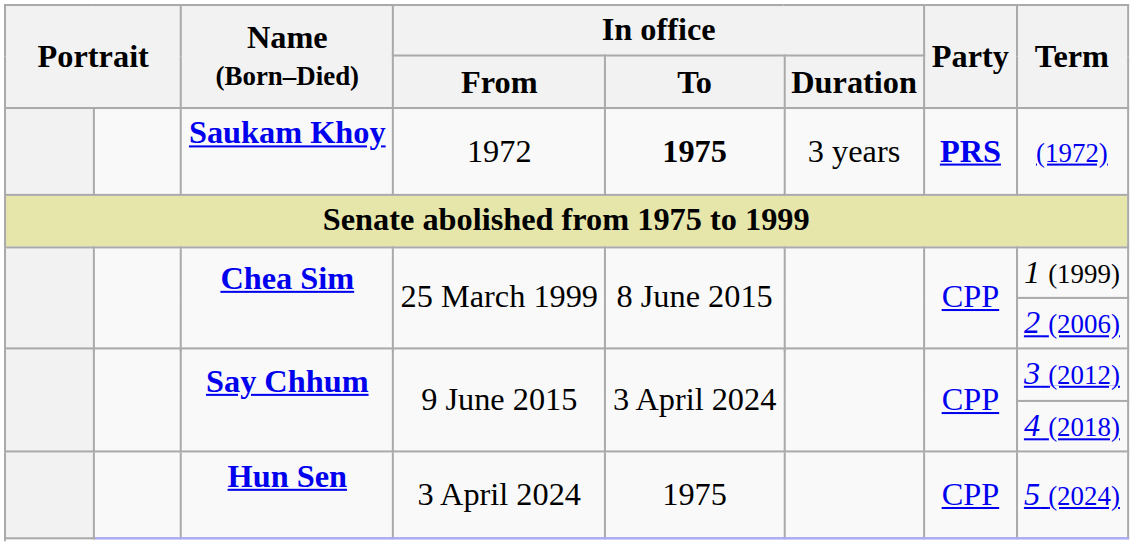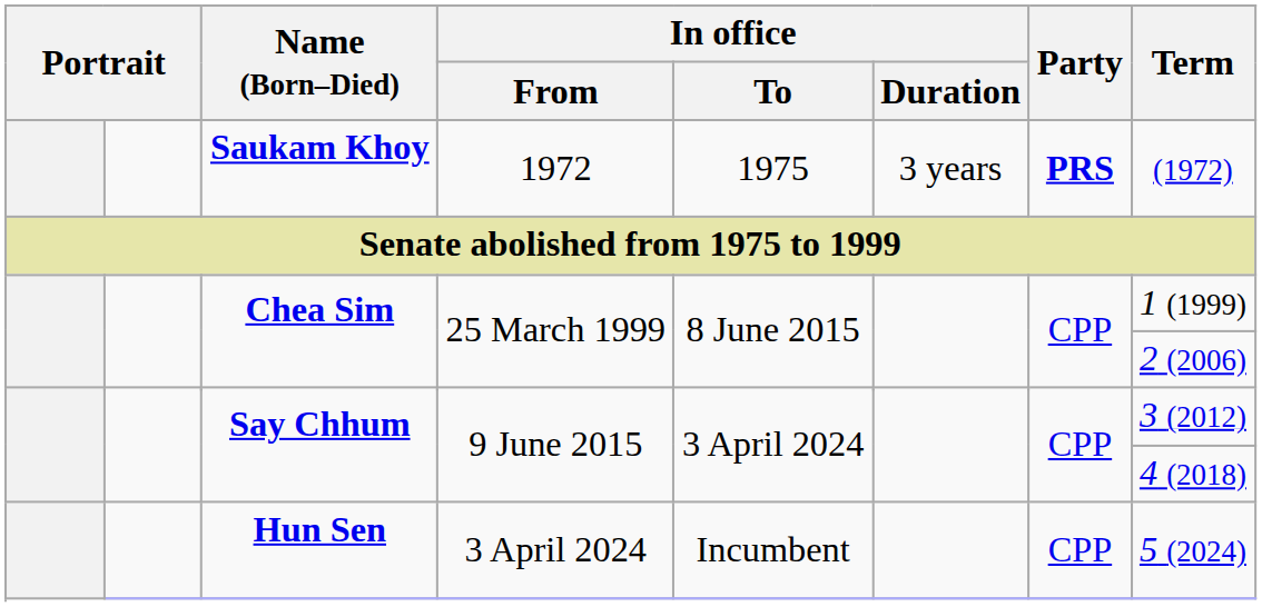 <table class="wikitable" style="text-align:center; border:1px #AAAAFF solid">
 <tr>
 <th width="80px" rowspan="2" colspan="2">Portrait</th>
 <th rowspan="2">Name<br><small>(Born–Died)</small></th>
 <th colspan="3">In office</th>
 <th rowspan="2">Party</th>
 <th rowspan="2">Term</th>
 </tr>
 <tr>
 <th>From</th>
 <th>To</th>
 <th>Duration</th>
 </tr>
 <tr>
 <th style="background-color:"></th>
 <td></td>
 <td><strong><a href='#'>Saukam Khoy</a></strong><br><br></td>
 <td>1972</td>
-<td><strong>1975</strong></td>
+<td>1975</td>
 <td>3 years</td>
 <td><strong><a href='#'>PRS</a></strong></td>
 <td><a href='#'><small>(1972)</small></a></td>
 </tr>
 <tr>
 <td colspan="8" style="background:#e6e6aa;"><strong>Senate abolished from 1975 to 1999</strong></td>
 </tr>
 <tr>
 <th rowspan="3" style="background-color:"></th>
 <td rowspan="3"></td>
 <td rowspan="3"><strong><a href='#'>Chea Sim</a></strong><br><br></td>
 <td rowspan="3">25 March 1999</td>
 <td rowspan="3">8 June 2015</td>
 <td rowspan="3"></td>
 <td rowspan="3"><a href='#'>CPP</a></td>
 <td><em>1</em> <small>(1999)</small></td>
 </tr>
 <tr>
 <td><a href='#'><em>2</em> <small>(2006)</small></a></td>
 </tr>
 <tr>
 <td rowspan="2"><a href='#'><em>3</em> <small>(2012)</small></a></td>
 </tr>
 <tr>
 <th rowspan="2" style="background-color:"></th>
 <td rowspan="2"></td>
 <td rowspan="2"><strong><a href='#'>Say Chhum</a></strong><br><br></td>
 <td rowspan="2">9 June 2015</td>
 <td rowspan="2">3 April 2024</td>
 <td rowspan="2"></td>
 <td rowspan="2"><a href='#'>CPP</a></td>
 </tr>
 <tr>
 <td><a href='#'><em>4</em> <small>(2018)</small></a></td>
 </tr>
 <tr>
 <th rowspan="2" style="background-color:"></th>
 <td></td>
 <td><strong><a href='#'>Hun Sen</a></strong><br><br></td>
 <td>3 April 2024</td>
-<td>1975</td>
+<td>Incumbent</td>
 <td></td>
 <td><a href='#'>CPP</a></td>
 <td><a href='#'><em>5</em> <small>(2024)</small></a></td>
 </tr>
 <tr>
 </tr>
 </table>
